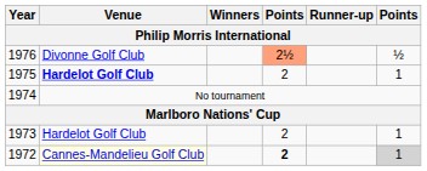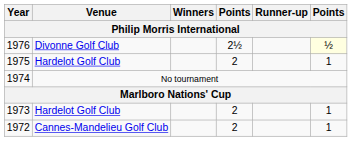 <table class="wikitable">
 <tr>
 <th>Year</th>
 <th>Venue</th>
 <th>Winners</th>
 <th>Points</th>
 <th>Runner-up</th>
 <th>Points</th>
 </tr>
 <tr>
 <th colspan=6>Philip Morris International</th>
 </tr>
 <tr>
 <td>1976</td>
 <td><a href='#'>Divonne Golf Club</a></td>
 <td></td>
-<td align=center style="background: lightsalmon;">2½</td>
+<td align=center>2½</td>
 <td></td>
-<td align=center>½</td>
+<td align=center style="background: lightyellow;">½</td>
 </tr>
 <tr>
 <td>1975</td>
-<td><strong><a href='#'>Hardelot Golf Club</a></strong></td>
+<td><a href='#'>Hardelot Golf Club</a></td>
 <td></td>
 <td align=center>2</td>
 <td></td>
 <td align=center>1</td>
 </tr>
 <tr>
 <td>1974</td>
 <td align=center colspan=5><small>No tournament</small></td>
 </tr>
 <tr>
 <th colspan=6>Marlboro Nations' Cup</th>
 </tr>
 <tr>
 <td>1973</td>
 <td><a href='#'>Hardelot Golf Club</a></td>
 <td></td>
 <td align=center>2</td>
 <td></td>
 <td align=center>1</td>
 </tr>
 <tr>
 <td>1972</td>
-<td style="background: lightyellow;"><a href='#'>Cannes-Mandelieu Golf Club</a></td>
+<td><a href='#'>Cannes-Mandelieu Golf Club</a></td>
 <td></td>
-<td align=center><strong>2</strong></td>
+<td align=center>2</td>
 <td></td>
-<td align=center style="background: lightgrey;">1</td>
+<td align=center>1</td>
 </tr>
 </table>
